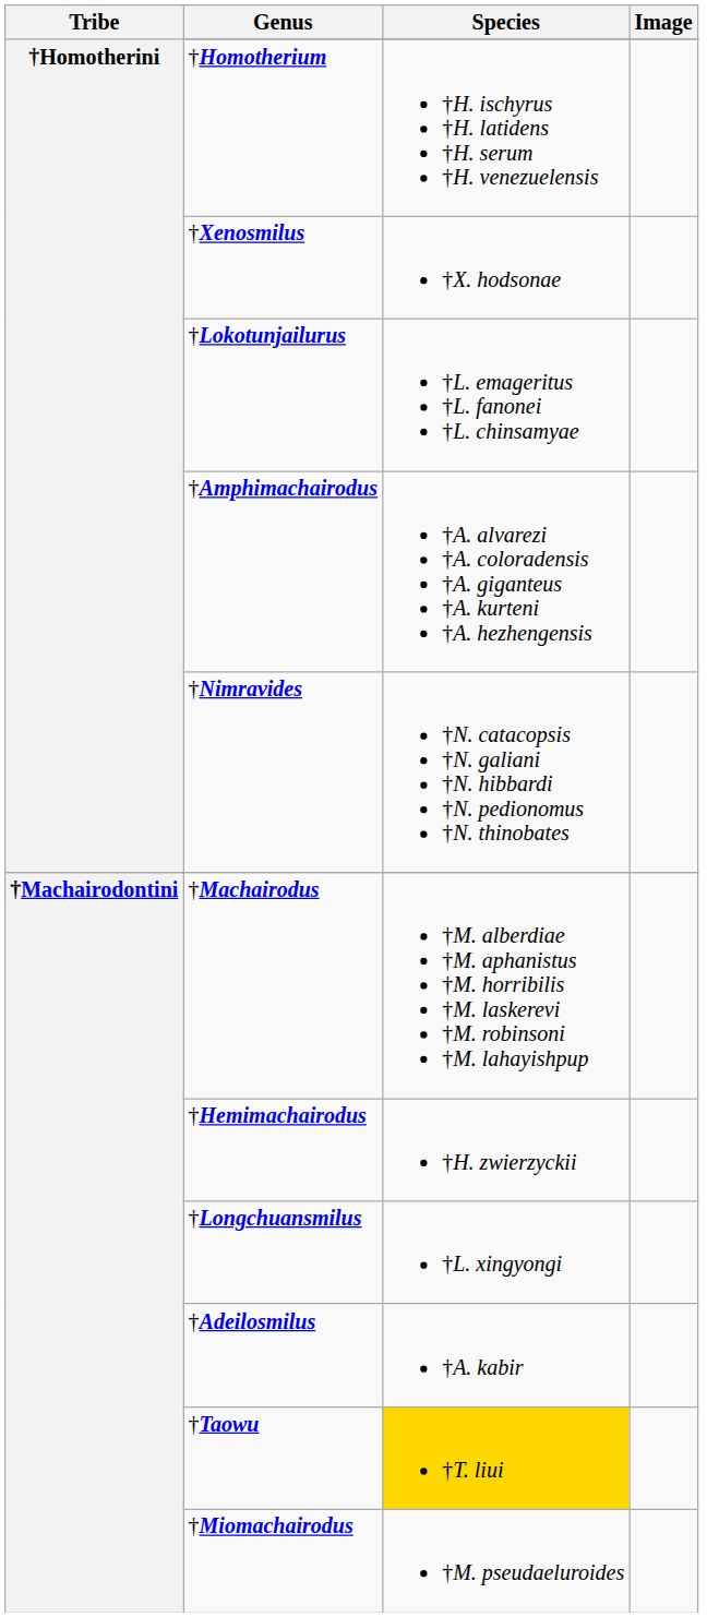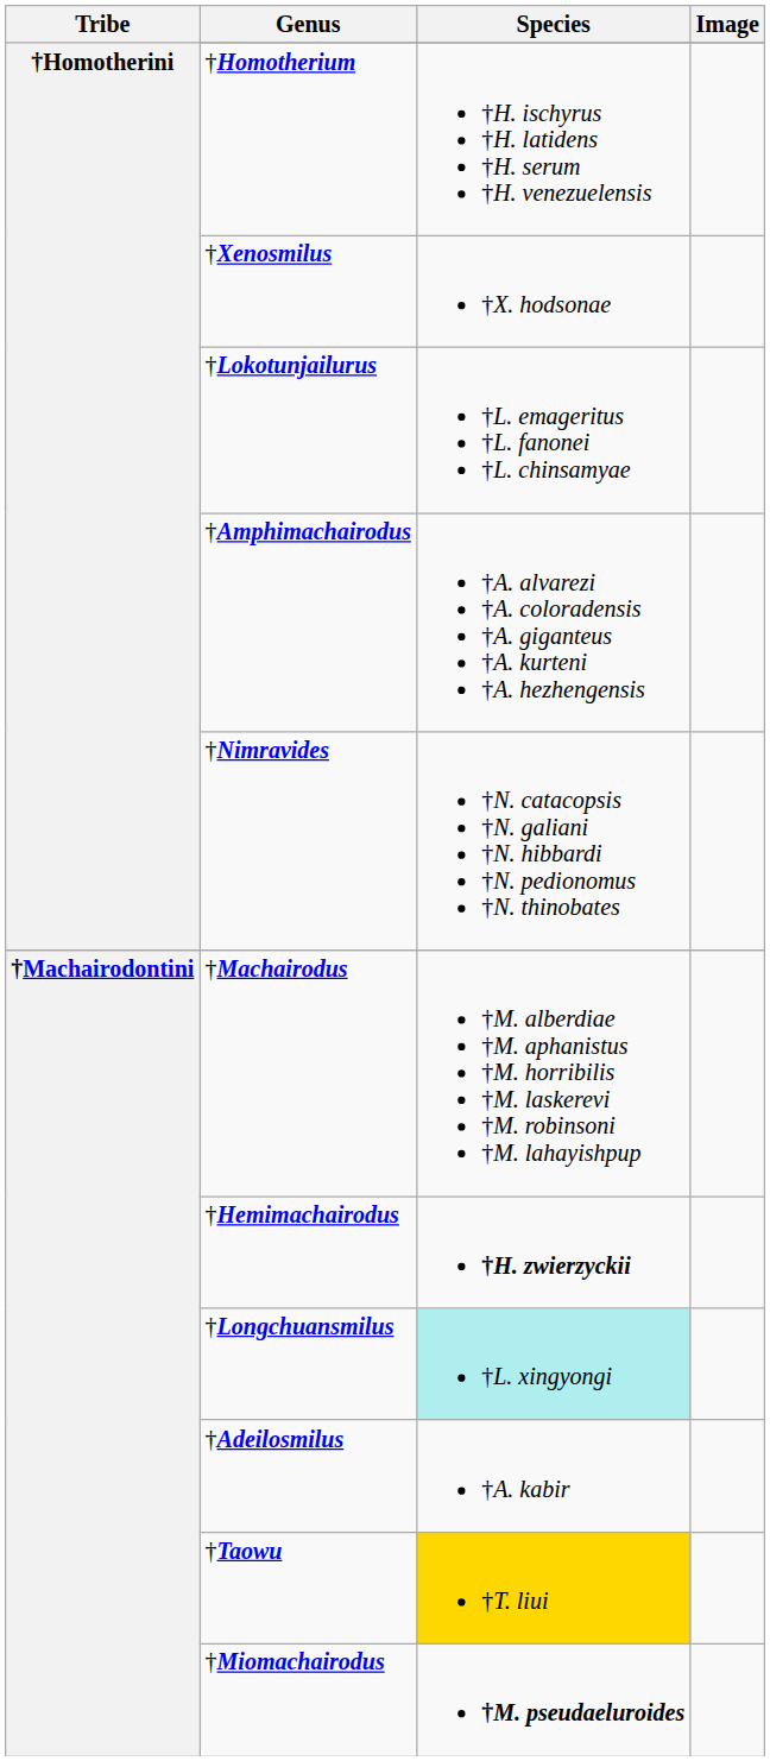 <table class="wikitable">
 <tr>
 <th>Tribe</th>
 <th>Genus</th>
 <th>Species</th>
 <th>Image</th>
 </tr>
 <tr style="vertical-align:top; background:#FFdddd;">
 <th rowspan="6" style="text-align:center;">†Homotherini</th>
 </tr>
 <tr style="vertical-align:top;">
 <td>†<strong><em><a href='#'>Homotherium</a></em></strong> </td>
 <td><br><ul><li>†<em>H. ischyrus</em></li><li>†<em>H. latidens</em></li><li>†<em>H. serum</em></li><li>†<em>H. venezuelensis</em></li></ul></td>
 <td></td>
 </tr>
 <tr style="vertical-align:top;">
 <td>†<strong><em><a href='#'>Xenosmilus</a></em></strong> </td>
 <td><br><ul><li>†<em>X. hodsonae</em></li></ul></td>
 <td></td>
 </tr>
 <tr style="vertical-align:top;">
 <td>†<strong><em><a href='#'>Lokotunjailurus</a></em></strong> </td>
 <td><br><ul><li>†<em>L. emageritus</em></li><li>†<em>L. fanonei</em></li><li>†<em>L. chinsamyae</em></li></ul></td>
 <td></td>
 </tr>
 <tr style="vertical-align:top;">
 <td>†<strong><em><a href='#'>Amphimachairodus</a></em></strong> </td>
 <td><br><ul><li>†<em>A. alvarezi</em></li><li>†<em>A. coloradensis</em></li><li>†<em>A. giganteus</em></li><li>†<em>A. kurteni</em></li><li>†<em>A. hezhengensis</em></li></ul></td>
 <td></td>
 </tr>
 <tr style="vertical-align:top;">
 <td>†<strong><em><a href='#'>Nimravides</a></em></strong> </td>
 <td><br><ul><li>†<em>N. catacopsis</em></li><li>†<em>N. galiani</em></li><li>†<em>N. hibbardi</em></li><li>†<em>N. pedionomus</em></li><li>†<em>N. thinobates</em></li></ul></td>
 <td></td>
 </tr>
 <tr>
 </tr>
 <tr style="vertical-align:top; background:#FFdddd;">
 <th rowspan="7" style="text-align:center;">†<a href='#'>Machairodontini</a></th>
 </tr>
 <tr style="vertical-align:top;">
 <td>†<strong><em><a href='#'>Machairodus</a></em></strong> </td>
 <td><br><ul><li>†<em>M. alberdiae</em></li><li>†<em>M. aphanistus</em></li><li>†<em>M. horribilis</em></li><li>†<em>M. laskerevi</em></li><li>†<em>M. robinsoni</em></li><li>†<em>M. lahayishpup</em></li></ul></td>
 <td></td>
 </tr>
 <tr style="vertical-align:top;">
 <td>†<strong><em><a href='#'>Hemimachairodus</a></em></strong> </td>
-<td><br><ul><li>†<em>H. zwierzyckii</em></li></ul></td>
+<td><strong><br><ul><li>†<em>H. zwierzyckii</em></li></ul></strong></td>
 <td></td>
 </tr>
 <tr style="vertical-align:top;">
 <td>†<strong><em><a href='#'>Longchuansmilus</a></em></strong> </td>
-<td><br><ul><li>†<em>L. xingyongi</em></li></ul></td>
+<td style="background: paleturquoise;"><br><ul><li>†<em>L. xingyongi</em></li></ul></td>
 <td></td>
 </tr>
 <tr style="vertical-align:top;">
 <td>†<strong><em><a href='#'>Adeilosmilus</a></em></strong> </td>
 <td><br><ul><li>†<em>A. kabir</em></li></ul></td>
 <td></td>
 </tr>
 <tr style="vertical-align:top;">
 <td>†<strong><em><a href='#'>Taowu</a></em></strong> </td>
 <td style="background: gold;"><br><ul><li>†<em>T. liui</em></li></ul></td>
 <td></td>
 </tr>
 <tr style="vertical-align:top;">
 <td>†<strong><em><a href='#'>Miomachairodus</a></em></strong> </td>
-<td><br><ul><li>†<em>M. pseudaeluroides</em></li></ul></td>
+<td><strong><br><ul><li>†<em>M. pseudaeluroides</em></li></ul></strong></td>
 <td></td>
 </tr>
 </table>
